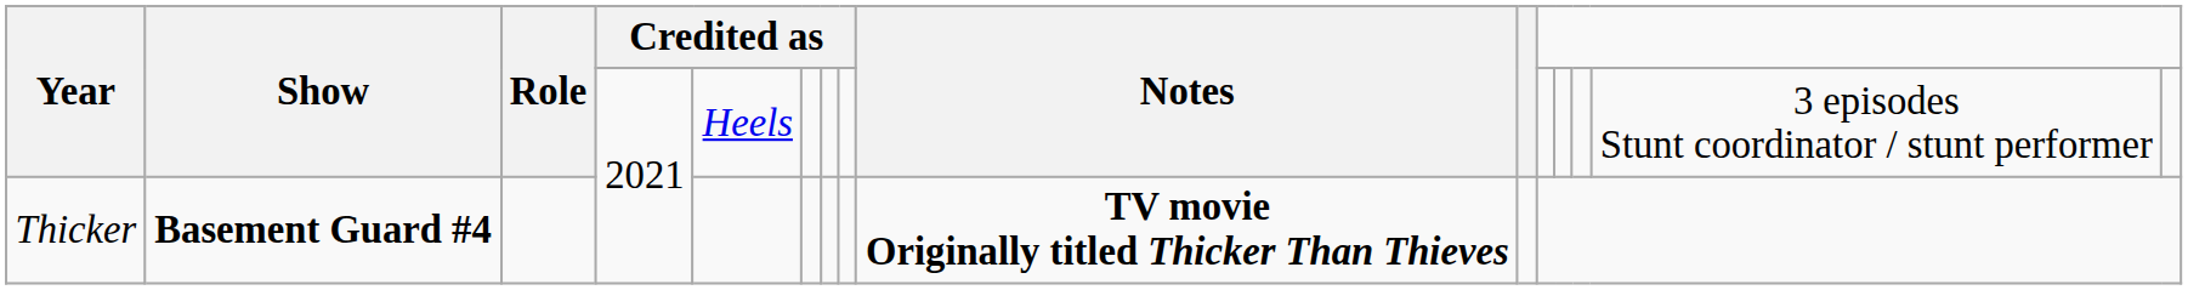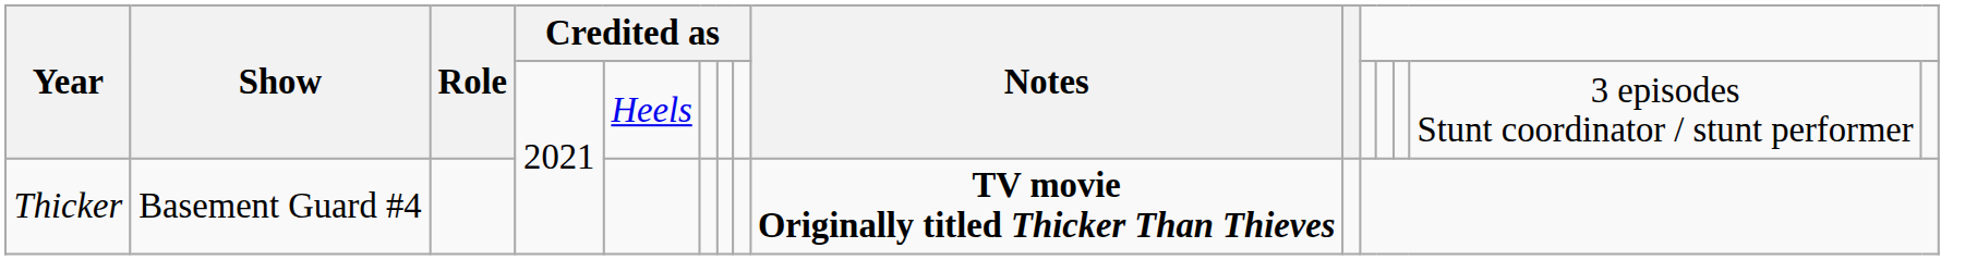 <table class="wikitable sortable plainrowheaders" style="text-align:center">
 <tr>
 <th rowspan="2">Year</th>
 <th rowspan="2">Show</th>
 <th rowspan="2">Role</th>
 <th colspan="5">Credited as</th>
 <th rowspan="2" class="unsortable">Notes</th>
 <th rowspan="2" class="unsortable"></th>
 </tr>
 <tr>
 <td rowspan=2>2021</td>
 <td><em><a href='#'>Heels</a></em></td>
 <td></td>
 <td></td>
 <td></td>
 <td></td>
 <td></td>
 <td></td>
 <td>3 episodes<br> Stunt coordinator / stunt performer</td>
 <td></td>
 </tr>
 <tr>
 <td><em>Thicker</em></td>
-<td><strong>Basement Guard #4</strong></td>
+<td>Basement Guard #4</td>
 <td></td>
 <td></td>
 <td></td>
 <td></td>
 <td></td>
 <td><strong>TV movie<br> Originally titled <em>Thicker Than Thieves</em></strong></td>
 <td></td>
 </tr>
 </table>
